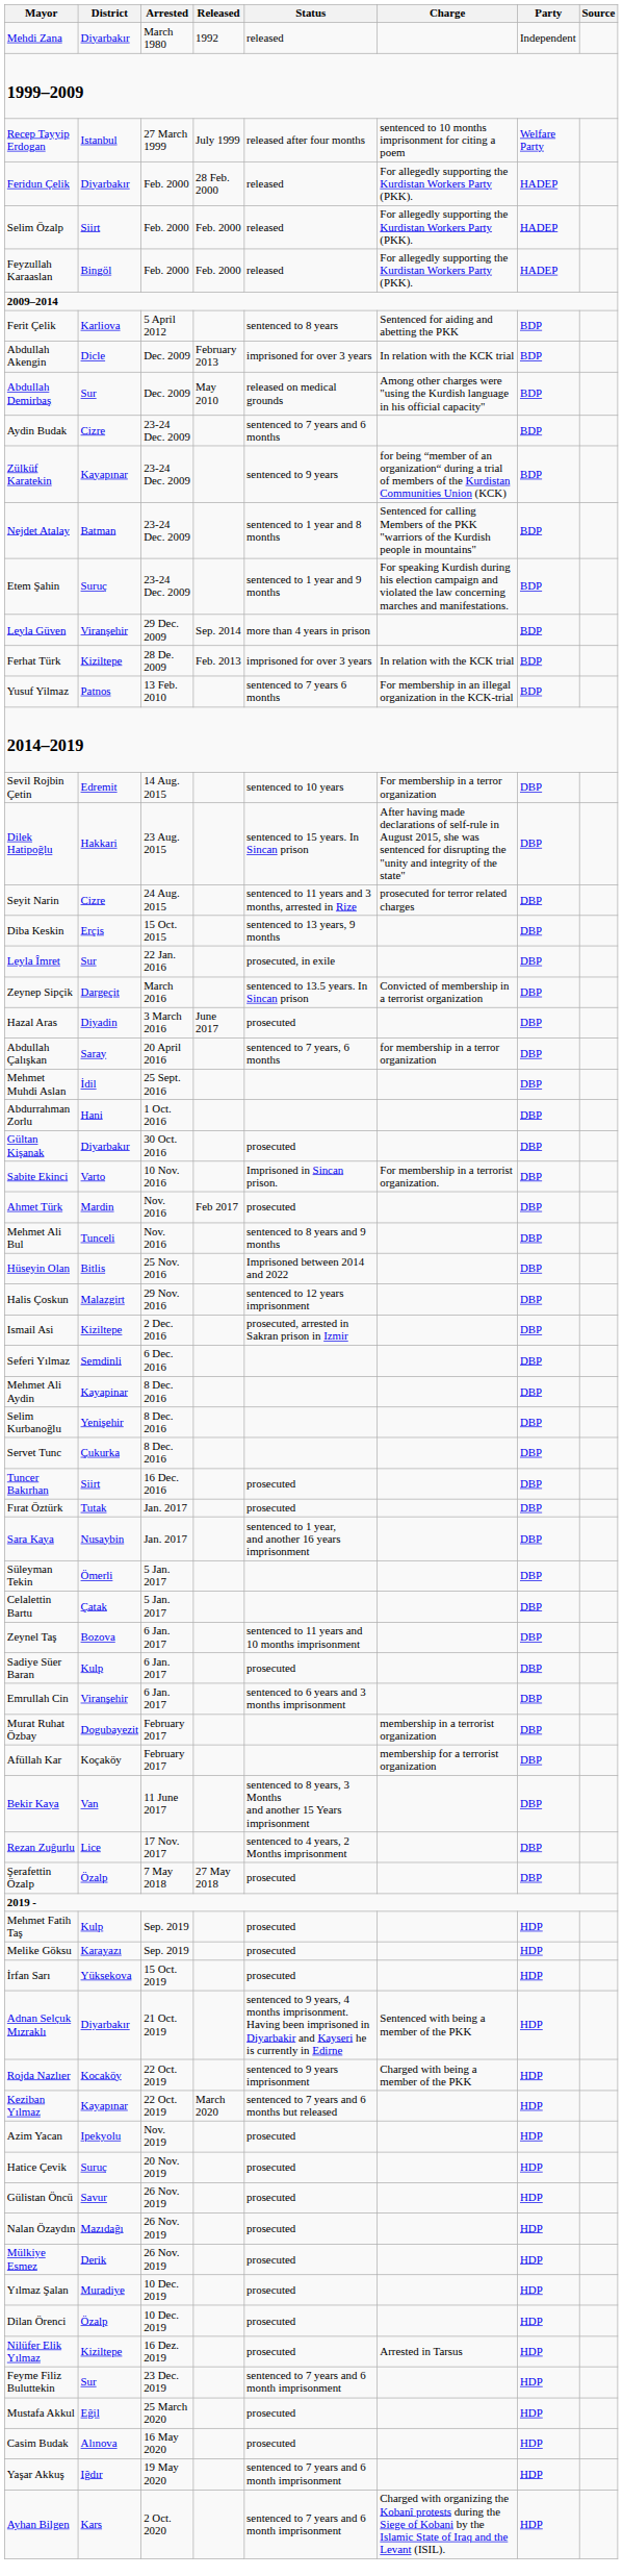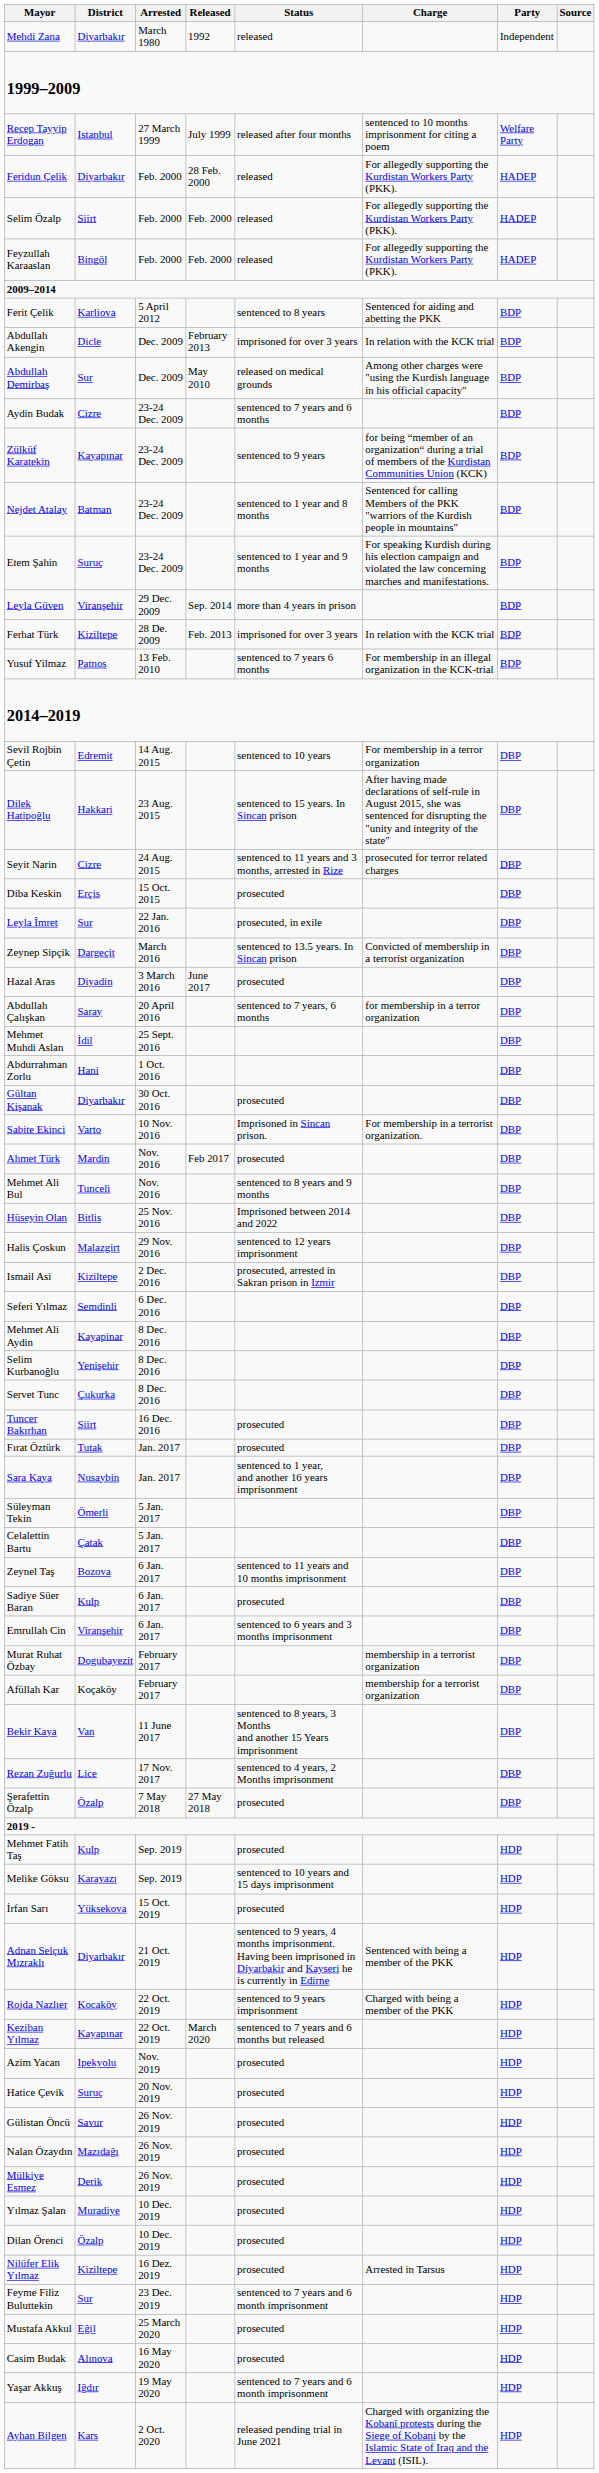 <table class="wikitable">
 <tr>
 <th>Mayor</th>
 <th>District</th>
 <th>Arrested</th>
 <th>Released</th>
 <th>Status</th>
 <th>Charge</th>
 <th>Party</th>
 <th>Source</th>
 </tr>
 <tr>
 <td><a href='#'>Mehdi Zana</a></td>
 <td><a href='#'>Diyarbakır</a></td>
 <td>March 1980</td>
 <td>1992</td>
 <td>released</td>
 <td></td>
 <td>Independent</td>
 <td></td>
 </tr>
 <tr>
 <td colspan="8"><br><h2>1999–2009</h2></td>
 </tr>
 <tr>
 <td><a href='#'>Recep Tayyip Erdogan</a></td>
 <td><a href='#'>Istanbul</a></td>
 <td>27 March 1999</td>
 <td>July 1999</td>
 <td>released after four months</td>
 <td>sentenced to 10 months imprisonment for citing a poem</td>
 <td><a href='#'>Welfare Party</a></td>
 <td></td>
 </tr>
 <tr>
 <td><a href='#'>Feridun Çelik</a></td>
 <td><a href='#'>Diyarbakır</a></td>
 <td>Feb. 2000</td>
 <td>28 Feb. 2000</td>
 <td>released</td>
 <td>For allegedly supporting the <a href='#'>Kurdistan Workers Party</a> (PKK).</td>
 <td><a href='#'>HADEP</a></td>
 <td></td>
 </tr>
 <tr>
 <td>Selim Özalp</td>
 <td><a href='#'>Siirt</a></td>
 <td>Feb. 2000</td>
 <td>Feb. 2000</td>
 <td>released</td>
 <td>For allegedly supporting the <a href='#'>Kurdistan Workers Party</a> (PKK).</td>
 <td><a href='#'>HADEP</a></td>
 <td></td>
 </tr>
 <tr>
 <td>Feyzullah Karaaslan</td>
 <td><a href='#'>Bingöl</a></td>
 <td>Feb. 2000</td>
 <td>Feb. 2000</td>
 <td>released</td>
 <td>For allegedly supporting the <a href='#'>Kurdistan Workers Party</a> (PKK).</td>
 <td><a href='#'>HADEP</a></td>
 <td></td>
 </tr>
 <tr>
 <td colspan="8"><strong>2009–2014</strong></td>
 </tr>
 <tr>
 <td>Ferit Çelik</td>
 <td><a href='#'>Karliova</a></td>
 <td>5 April 2012</td>
 <td></td>
 <td>sentenced to 8 years</td>
 <td>Sentenced for aiding and abetting the PKK</td>
 <td><a href='#'>BDP</a></td>
 <td></td>
 </tr>
 <tr>
 <td>Abdullah Akengin</td>
 <td><a href='#'>Dicle</a></td>
 <td>Dec. 2009</td>
 <td>February 2013</td>
 <td>imprisoned for over 3 years</td>
 <td>In relation with the KCK trial</td>
 <td><a href='#'>BDP</a></td>
 <td></td>
 </tr>
 <tr>
 <td><a href='#'>Abdullah Demirbaş</a></td>
 <td><a href='#'>Sur</a></td>
 <td>Dec. 2009</td>
 <td>May 2010</td>
 <td>released on medical grounds</td>
 <td>Among other charges were "using the Kurdish language in his official capacity"</td>
 <td><a href='#'>BDP</a></td>
 <td></td>
 </tr>
 <tr>
 <td>Aydin Budak</td>
 <td><a href='#'>Cizre</a></td>
 <td>23-24 Dec. 2009</td>
 <td></td>
 <td>sentenced to 7 years and 6 months</td>
 <td></td>
 <td><a href='#'>BDP</a></td>
 <td></td>
 </tr>
 <tr>
 <td><a href='#'>Zülküf Karatekin</a></td>
 <td><a href='#'>Kayapınar</a></td>
 <td>23-24 Dec. 2009</td>
 <td></td>
 <td>sentenced to 9 years</td>
 <td>for being “member of an organization“ during a trial of members of the <a href='#'>Kurdistan Communities Union</a> (KCK)</td>
 <td><a href='#'>BDP</a></td>
 <td></td>
 </tr>
 <tr>
 <td><a href='#'>Nejdet Atalay</a></td>
 <td><a href='#'>Batman</a></td>
 <td>23-24 Dec. 2009</td>
 <td></td>
 <td>sentenced to 1 year and 8 months</td>
 <td>Sentenced for calling Members of the PKK "warriors of the Kurdish people in mountains"</td>
 <td><a href='#'>BDP</a></td>
 <td></td>
 </tr>
 <tr>
 <td>Etem Şahin</td>
 <td><a href='#'>Suruç</a></td>
 <td>23-24 Dec. 2009</td>
 <td></td>
 <td>sentenced to 1 year and 9 months</td>
 <td>For speaking Kurdish during his election campaign and violated the law concerning marches and manifestations.</td>
 <td><a href='#'>BDP</a></td>
 <td></td>
 </tr>
 <tr>
 <td><a href='#'>Leyla Güven</a></td>
 <td><a href='#'>Viranşehir</a></td>
 <td>29 Dec. 2009</td>
 <td>Sep. 2014</td>
 <td>more than 4 years in prison</td>
 <td></td>
 <td><a href='#'>BDP</a></td>
 <td></td>
 </tr>
 <tr>
 <td>Ferhat Türk</td>
 <td><a href='#'>Kiziltepe</a></td>
 <td>28 De. 2009</td>
 <td>Feb. 2013</td>
 <td>imprisoned for over 3 years</td>
 <td>In relation with the KCK trial</td>
 <td><a href='#'>BDP</a></td>
 <td></td>
 </tr>
 <tr>
 <td>Yusuf Yilmaz</td>
 <td><a href='#'>Patnos</a></td>
 <td>13 Feb. 2010</td>
 <td></td>
 <td>sentenced to 7 years 6 months</td>
 <td>For membership in an illegal organization in the KCK-trial</td>
 <td><a href='#'>BDP</a></td>
 <td></td>
 </tr>
 <tr>
 <td colspan="8"><br><h2>2014–2019</h2></td>
 </tr>
 <tr>
 <td>Sevil Rojbin Çetin</td>
 <td><a href='#'>Edremit</a></td>
 <td>14 Aug. 2015</td>
 <td></td>
 <td>sentenced to 10 years</td>
 <td>For membership in a terror organization</td>
 <td><a href='#'>DBP</a></td>
 <td></td>
 </tr>
 <tr>
 <td><a href='#'>Dilek Hatipoğlu</a></td>
 <td><a href='#'>Hakkari</a></td>
 <td>23 Aug. 2015</td>
 <td></td>
 <td>sentenced to 15 years. In <a href='#'>Sincan</a> prison</td>
 <td>After having made declarations of self-rule in August 2015, she was sentenced for disrupting the "unity and integrity of the state"</td>
 <td><a href='#'>DBP</a></td>
 <td></td>
 </tr>
 <tr>
 <td>Seyit Narin</td>
 <td><a href='#'>Cizre</a></td>
 <td>24 Aug. 2015</td>
 <td></td>
 <td>sentenced to 11 years and 3 months, arrested in <a href='#'>Rize</a></td>
 <td>prosecuted for terror related charges</td>
 <td><a href='#'>DBP</a></td>
 <td></td>
 </tr>
 <tr>
 <td>Diba Keskin</td>
 <td><a href='#'>Erçis</a></td>
 <td>15 Oct. 2015</td>
 <td></td>
-<td>sentenced  to 13 years, 9 months</td>
+<td>prosecuted</td>
 <td></td>
 <td><a href='#'>DBP</a></td>
 <td></td>
 </tr>
 <tr>
 <td><a href='#'>Leyla Îmret</a></td>
 <td><a href='#'>Sur</a></td>
 <td>22 Jan. 2016</td>
 <td></td>
 <td>prosecuted, in exile</td>
 <td></td>
 <td><a href='#'>DBP</a></td>
 <td></td>
 </tr>
 <tr>
 <td>Zeynep Sipçik</td>
 <td><a href='#'>Dargeçit</a></td>
 <td>March 2016</td>
 <td></td>
 <td>sentenced  to 13.5 years. In <a href='#'>Sincan</a> prison</td>
 <td>Convicted of membership in a terrorist organization</td>
 <td><a href='#'>DBP</a></td>
 <td></td>
 </tr>
 <tr>
 <td>Hazal Aras</td>
 <td><a href='#'>Diyadin</a></td>
 <td>3 March 2016</td>
 <td>June 2017</td>
 <td>prosecuted</td>
 <td></td>
 <td><a href='#'>DBP</a></td>
 <td></td>
 </tr>
 <tr>
 <td>Abdullah Çalışkan</td>
 <td><a href='#'>Saray</a></td>
 <td>20 April 2016</td>
 <td></td>
 <td>sentenced to 7 years, 6 months</td>
 <td>for membership in a terror organization</td>
 <td><a href='#'>DBP</a></td>
 <td></td>
 </tr>
 <tr>
 <td>Mehmet Muhdi Aslan</td>
 <td><a href='#'>İdil</a></td>
 <td>25 Sept. 2016</td>
 <td></td>
 <td></td>
 <td></td>
 <td><a href='#'>DBP</a></td>
 <td></td>
 </tr>
 <tr>
 <td>Abdurrahman Zorlu</td>
 <td><a href='#'>Hani</a></td>
 <td>1 Oct. 2016</td>
 <td></td>
 <td></td>
 <td></td>
 <td><a href='#'>DBP</a></td>
 <td></td>
 </tr>
 <tr>
 <td><a href='#'>Gültan Kişanak</a></td>
 <td><a href='#'>Diyarbakır</a></td>
 <td>30 Oct. 2016</td>
 <td></td>
 <td>prosecuted</td>
 <td></td>
 <td><a href='#'>DBP</a></td>
 <td></td>
 </tr>
 <tr>
 <td><a href='#'>Sabite Ekinci</a></td>
 <td><a href='#'>Varto</a></td>
 <td>10 Nov. 2016</td>
 <td></td>
 <td>Imprisoned in <a href='#'>Sincan</a> prison.</td>
 <td>For membership in a terrorist organization.</td>
 <td><a href='#'>DBP</a></td>
 <td></td>
 </tr>
 <tr>
 <td><a href='#'>Ahmet Türk</a></td>
 <td><a href='#'>Mardin</a></td>
 <td>Nov. 2016</td>
 <td>Feb 2017</td>
 <td>prosecuted</td>
 <td></td>
 <td><a href='#'>DBP</a></td>
 <td></td>
 </tr>
 <tr>
 <td>Mehmet Ali Bul</td>
 <td><a href='#'>Tunceli</a></td>
 <td>Nov. 2016</td>
 <td></td>
 <td>sentenced to 8 years and 9 months</td>
 <td></td>
 <td><a href='#'>DBP</a></td>
 <td></td>
 </tr>
 <tr>
 <td><a href='#'>Hüseyin Olan</a></td>
 <td><a href='#'>Bitlis</a></td>
 <td>25 Nov. 2016</td>
 <td></td>
 <td>Imprisoned between 2014 and 2022</td>
 <td></td>
 <td><a href='#'>DBP</a></td>
 <td></td>
 </tr>
 <tr>
 <td>Halis Çoskun</td>
 <td><a href='#'>Malazgirt</a></td>
 <td>29 Nov. 2016</td>
 <td></td>
 <td>sentenced to 12 years imprisonment</td>
 <td></td>
 <td><a href='#'>DBP</a></td>
 <td></td>
 </tr>
 <tr>
 <td>Ismail Asi</td>
 <td><a href='#'>Kiziltepe</a></td>
 <td>2 Dec. 2016</td>
 <td></td>
 <td>prosecuted, arrested in Sakran prison in <a href='#'>Izmir</a></td>
 <td></td>
 <td><a href='#'>DBP</a></td>
 <td></td>
 </tr>
 <tr>
 <td>Seferi Yılmaz</td>
 <td><a href='#'>Semdinli</a></td>
 <td>6 Dec. 2016</td>
 <td></td>
 <td></td>
 <td></td>
 <td><a href='#'>DBP</a></td>
 <td></td>
 </tr>
 <tr>
 <td>Mehmet Ali Aydin</td>
 <td><a href='#'>Kayapinar</a></td>
 <td>8 Dec. 2016</td>
 <td></td>
 <td></td>
 <td></td>
 <td><a href='#'>DBP</a></td>
 <td></td>
 </tr>
 <tr>
 <td>Selim Kurbanoğlu</td>
 <td><a href='#'>Yenişehir</a></td>
 <td>8 Dec. 2016</td>
 <td></td>
 <td></td>
 <td></td>
 <td><a href='#'>DBP</a></td>
 <td></td>
 </tr>
 <tr>
 <td>Servet Tunc</td>
 <td><a href='#'>Çukurka</a></td>
 <td>8 Dec. 2016</td>
 <td></td>
 <td></td>
 <td></td>
 <td><a href='#'>DBP</a></td>
 <td></td>
 </tr>
 <tr>
 <td><a href='#'>Tuncer Bakırhan</a></td>
 <td><a href='#'>Siirt</a></td>
 <td>16 Dec. 2016</td>
 <td></td>
 <td>prosecuted</td>
 <td></td>
 <td><a href='#'>DBP</a></td>
 <td></td>
 </tr>
 <tr>
 <td>Fırat Öztürk</td>
 <td><a href='#'>Tutak</a></td>
 <td>Jan. 2017</td>
 <td></td>
 <td>prosecuted</td>
 <td></td>
 <td><a href='#'>DBP</a></td>
 <td></td>
 </tr>
 <tr>
 <td><a href='#'>Sara Kaya</a></td>
 <td><a href='#'>Nusaybin</a></td>
 <td>Jan. 2017</td>
 <td></td>
 <td>sentenced to 1 year,<br>and another 16 years imprisonment</td>
 <td></td>
 <td><a href='#'>DBP</a></td>
 <td></td>
 </tr>
 <tr>
 <td>Süleyman Tekin</td>
 <td><a href='#'>Ömerli</a></td>
 <td>5 Jan. 2017</td>
 <td></td>
 <td></td>
 <td></td>
 <td><a href='#'>DBP</a></td>
 <td></td>
 </tr>
 <tr>
 <td>Celalettin Bartu</td>
 <td><a href='#'>Çatak</a></td>
 <td>5 Jan. 2017</td>
 <td></td>
 <td></td>
 <td></td>
 <td><a href='#'>DBP</a></td>
 <td></td>
 </tr>
 <tr>
 <td>Zeynel Taş</td>
 <td><a href='#'>Bozova</a></td>
 <td>6 Jan. 2017</td>
 <td></td>
 <td>sentenced to 11 years and 10 months imprisonment</td>
 <td></td>
 <td><a href='#'>DBP</a></td>
 <td></td>
 </tr>
 <tr>
 <td>Sadiye Süer Baran</td>
 <td><a href='#'>Kulp</a></td>
 <td>6 Jan. 2017</td>
 <td></td>
 <td>prosecuted</td>
 <td></td>
 <td><a href='#'>DBP</a></td>
 <td></td>
 </tr>
 <tr>
 <td>Emrullah Cin</td>
 <td><a href='#'>Viranşehir</a></td>
 <td>6 Jan. 2017</td>
 <td></td>
 <td>sentenced to 6 years and 3 months imprisonment</td>
 <td></td>
 <td><a href='#'>DBP</a></td>
 <td></td>
 </tr>
 <tr>
 <td>Murat Ruhat Özbay</td>
 <td><a href='#'>Dogubayezit</a></td>
 <td>February 2017</td>
 <td></td>
 <td></td>
 <td>membership in a terrorist organization</td>
 <td><a href='#'>DBP</a></td>
 <td></td>
 </tr>
 <tr>
 <td>Afüllah Kar</td>
 <td>Koçaköy</td>
 <td>February 2017</td>
 <td></td>
 <td></td>
 <td>membership for a terrorist organization</td>
 <td><a href='#'>DBP</a></td>
 <td></td>
 </tr>
 <tr>
 <td><a href='#'>Bekir Kaya</a></td>
 <td><a href='#'>Van</a></td>
 <td>11 June 2017</td>
 <td></td>
 <td>sentenced to 8 years, 3 Months<br>and another 15 Years imprisonment</td>
 <td></td>
 <td><a href='#'>DBP</a></td>
 <td></td>
 </tr>
 <tr>
 <td><a href='#'>Rezan Zuĝurlu</a></td>
 <td><a href='#'>Lice</a></td>
 <td>17 Nov. 2017</td>
 <td></td>
 <td>sentenced to 4 years, 2 Months imprisonment</td>
 <td></td>
 <td><a href='#'>DBP</a></td>
 <td></td>
 </tr>
 <tr>
 <td>Şerafettin Özalp</td>
 <td><a href='#'>Özalp</a></td>
 <td>7 May 2018</td>
 <td>27 May 2018</td>
 <td>prosecuted</td>
 <td></td>
 <td><a href='#'>DBP</a></td>
 <td></td>
 </tr>
 <tr>
 <td colspan="8"><strong>2019 -</strong></td>
 </tr>
 <tr>
 <td>Mehmet Fatih Taş</td>
 <td><a href='#'>Kulp</a></td>
 <td>Sep. 2019</td>
 <td></td>
 <td>prosecuted</td>
 <td></td>
 <td><a href='#'>HDP</a></td>
 <td></td>
 </tr>
 <tr>
 <td>Melike Göksu</td>
 <td><a href='#'>Karayazı</a></td>
 <td>Sep. 2019</td>
 <td></td>
-<td>prosecuted</td>
+<td>sentenced to 10 years and 15 days imprisonment</td>
 <td></td>
 <td><a href='#'>HDP</a></td>
 <td></td>
 </tr>
 <tr>
 <td>İrfan Sarı</td>
 <td><a href='#'>Yüksekova</a></td>
 <td>15 Oct. 2019</td>
 <td></td>
 <td>prosecuted</td>
 <td></td>
 <td><a href='#'>HDP</a></td>
 <td></td>
 </tr>
 <tr>
 <td><a href='#'>Adnan Selçuk Mızraklı</a></td>
 <td><a href='#'>Diyarbakır</a></td>
 <td>21 Oct. 2019</td>
 <td></td>
 <td>sentenced to 9 years, 4 months imprisonment. Having been imprisoned in <a href='#'>Diyarbakir</a> and <a href='#'>Kayseri</a> he is currently in <a href='#'>Edirne</a></td>
 <td>Sentenced with being a member of the PKK</td>
 <td><a href='#'>HDP</a></td>
 <td></td>
 </tr>
 <tr>
 <td><a href='#'>Rojda Nazlıer</a></td>
 <td><a href='#'>Kocaköy</a></td>
 <td>22 Oct. 2019</td>
 <td></td>
 <td>sentenced to 9 years  imprisonment</td>
 <td>Charged with being a member of the PKK</td>
 <td><a href='#'>HDP</a></td>
 <td></td>
 </tr>
 <tr>
 <td><a href='#'>Keziban Yılmaz</a></td>
 <td><a href='#'>Kayapınar</a></td>
 <td>22 Oct. 2019</td>
 <td>March 2020</td>
 <td>sentenced to 7 years and 6 months but released</td>
 <td></td>
 <td><a href='#'>HDP</a></td>
 <td></td>
 </tr>
 <tr>
 <td>Azim Yacan</td>
 <td><a href='#'>Ipekyolu</a></td>
 <td>Nov. 2019</td>
 <td></td>
 <td>prosecuted</td>
 <td></td>
 <td><a href='#'>HDP</a></td>
 <td></td>
 </tr>
 <tr>
 <td>Hatice Çevik</td>
 <td><a href='#'>Suruç</a></td>
 <td>20 Nov. 2019</td>
 <td></td>
 <td>prosecuted</td>
 <td></td>
 <td><a href='#'>HDP</a></td>
 <td></td>
 </tr>
 <tr>
 <td>Gülistan Öncü</td>
 <td><a href='#'>Savur</a></td>
 <td>26 Nov. 2019</td>
 <td></td>
 <td>prosecuted</td>
 <td></td>
 <td><a href='#'>HDP</a></td>
 <td></td>
 </tr>
 <tr>
 <td>Nalan Özaydın</td>
 <td><a href='#'>Mazıdağı</a></td>
 <td>26 Nov. 2019</td>
 <td></td>
 <td>prosecuted</td>
 <td></td>
 <td><a href='#'>HDP</a></td>
 <td></td>
 </tr>
 <tr>
 <td><a href='#'>Mülkiye Esmez</a></td>
 <td><a href='#'>Derik</a></td>
 <td>26 Nov. 2019</td>
 <td></td>
 <td>prosecuted</td>
 <td></td>
 <td><a href='#'>HDP</a></td>
 <td></td>
 </tr>
 <tr>
 <td>Yılmaz Şalan</td>
 <td><a href='#'>Muradiye</a></td>
 <td>10 Dec. 2019</td>
 <td></td>
 <td>prosecuted</td>
 <td></td>
 <td><a href='#'>HDP</a></td>
 <td></td>
 </tr>
 <tr>
 <td>Dilan Örenci</td>
 <td><a href='#'>Özalp</a></td>
 <td>10 Dec. 2019</td>
 <td></td>
 <td>prosecuted</td>
 <td></td>
 <td><a href='#'>HDP</a></td>
 <td></td>
 </tr>
 <tr>
 <td><a href='#'>Nilüfer Elik Yılmaz</a></td>
 <td><a href='#'>Kiziltepe</a></td>
 <td>16 Dez. 2019</td>
 <td></td>
 <td>prosecuted</td>
 <td>Arrested in Tarsus</td>
 <td><a href='#'>HDP</a></td>
 <td></td>
 </tr>
 <tr>
 <td>Feyme Filiz Buluttekin</td>
 <td><a href='#'>Sur</a></td>
 <td>23 Dec. 2019</td>
 <td></td>
 <td>sentenced to 7 years and 6 month imprisonment</td>
 <td></td>
 <td><a href='#'>HDP</a></td>
 <td></td>
 </tr>
 <tr>
 <td>Mustafa Akkul</td>
 <td><a href='#'>Eğil</a></td>
 <td>25 March 2020</td>
 <td></td>
 <td>prosecuted</td>
 <td></td>
 <td><a href='#'>HDP</a></td>
 <td></td>
 </tr>
 <tr>
 <td>Casim Budak</td>
 <td><a href='#'>Alınova</a></td>
 <td>16 May 2020</td>
 <td></td>
 <td>prosecuted</td>
 <td></td>
 <td><a href='#'>HDP</a></td>
 <td></td>
 </tr>
 <tr>
 <td>Yaşar Akkuş</td>
 <td><a href='#'>Iğdır</a></td>
 <td>19 May 2020</td>
 <td></td>
 <td>sentenced to 7 years and 6 month imprisonment</td>
 <td></td>
 <td><a href='#'>HDP</a></td>
 <td></td>
 </tr>
 <tr>
 <td><a href='#'>Ayhan Bilgen</a></td>
 <td><a href='#'>Kars</a></td>
 <td>2 Oct. 2020</td>
 <td></td>
-<td>sentenced to 7 years and 6 month imprisonment</td>
+<td>released pending trial in June 2021</td>
 <td>Charged with organizing the <a href='#'>Kobanî protests</a> during the <a href='#'>Siege of Kobani</a> by the <a href='#'>Islamic State of Iraq and the Levant</a> (ISIL).</td>
 <td><a href='#'>HDP</a></td>
 <td></td>
 </tr>
 </table>
